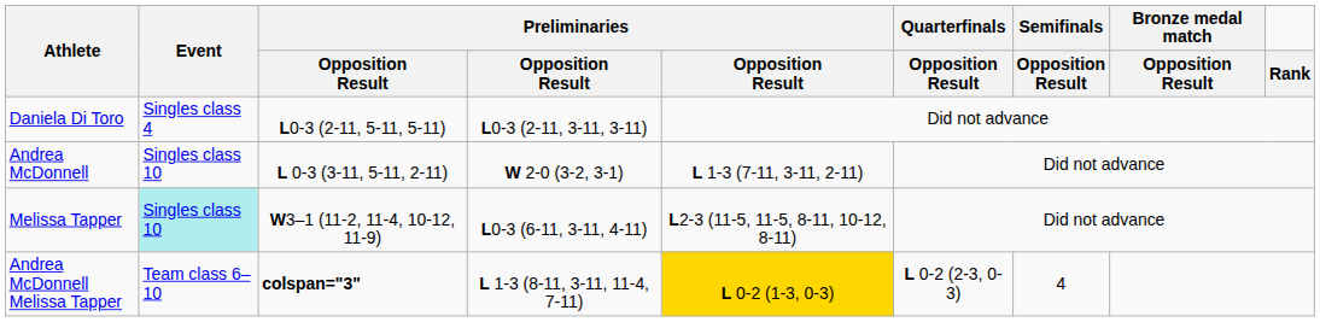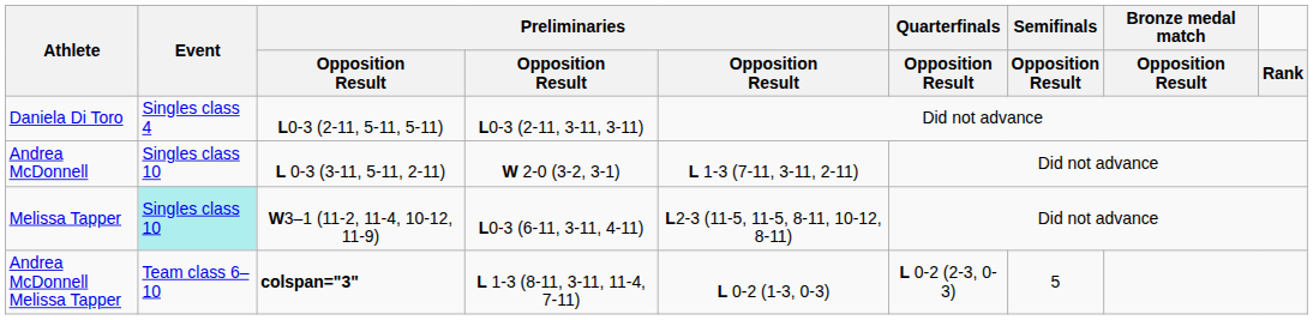 <table class=wikitable>
 <tr>
 <th rowspan="2">Athlete</th>
 <th rowspan="2">Event</th>
 <th colspan="3">Preliminaries</th>
 <th>Quarterfinals</th>
 <th>Semifinals</th>
 <th>Bronze medal match</th>
 </tr>
 <tr>
 <th>Opposition<br>Result</th>
 <th>Opposition<br>Result</th>
 <th>Opposition<br>Result</th>
 <th>Opposition<br>Result</th>
 <th>Opposition<br>Result</th>
 <th>Opposition<br>Result</th>
 <th>Rank</th>
 </tr>
 <tr>
 <td><a href='#'>Daniela Di Toro</a></td>
 <td><a href='#'>Singles class 4</a></td>
 <td align="center"><br><strong>L</strong>0-3 (2-11, 5-11, 5-11)</td>
 <td align="center"><br><strong>L</strong>0-3 (2-11, 3-11, 3-11)</td>
 <td align="center" colspan=5>Did not advance</td>
 </tr>
 <tr>
 <td><a href='#'>Andrea McDonnell</a></td>
 <td><a href='#'>Singles class 10</a></td>
 <td align="center"><br><strong>L</strong> 0-3 (3-11, 5-11, 2-11)</td>
 <td align="center"> <br> <strong>W</strong> 2-0 (3-2, 3-1)</td>
 <td align="center"><br><strong>L</strong> 1-3 (7-11, 3-11, 2-11)</td>
 <td align="center" colspan=4>Did not advance</td>
 </tr>
 <tr>
 <td><a href='#'>Melissa Tapper</a></td>
 <td style="background: paleturquoise;"><a href='#'>Singles class 10</a></td>
 <td align="center"><br><strong>W</strong>3–1 (11-2, 11-4, 10-12, 11-9)</td>
 <td align="center"><br><strong>L</strong>0-3 (6-11, 3-11, 4-11)</td>
 <td align="center"><br><strong>L</strong>2-3 (11-5, 11-5, 8-11, 10-12, 8-11)</td>
 <td align="center" colspan=4>Did not advance</td>
 </tr>
 <tr>
 <td><a href='#'>Andrea McDonnell</a><br><a href='#'>Melissa Tapper</a></td>
 <td><a href='#'>Team class 6–10</a></td>
 <td><strong>colspan="3" </strong></td>
 <td align="center"><br><strong>L</strong> 1-3 (8-11, 3-11, 11-4, 7-11)</td>
-<td align="center" style="background: gold;"> <br> <strong>L</strong> 0-2 (1-3, 0-3)</td>
+<td align="center"> <br> <strong>L</strong> 0-2 (1-3, 0-3)</td>
 <td align="center"> <strong>L</strong> 0-2 (2-3, 0-3)</td>
-<td align="center">4</td>
+<td align="center">5</td>
 </tr>
 </table>
